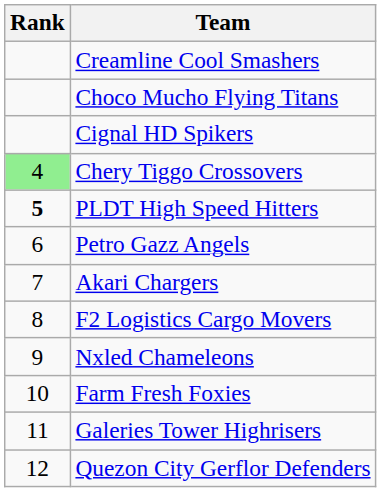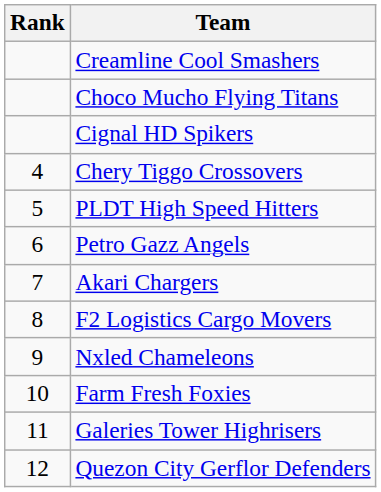 <table class="wikitable" style="text-align: center">
 <tr>
 <th>Rank</th>
 <th>Team</th>
 </tr>
 <tr>
 <td></td>
 <td align="left"><a href='#'>Creamline Cool Smashers</a></td>
 </tr>
 <tr>
 <td></td>
 <td align="left"><a href='#'>Choco Mucho Flying Titans</a></td>
 </tr>
 <tr>
 <td></td>
 <td align="left"><a href='#'>Cignal HD Spikers</a></td>
 </tr>
 <tr>
-<td style="background: lightgreen;">4</td>
+<td>4</td>
 <td align="left"><a href='#'>Chery Tiggo Crossovers</a></td>
 </tr>
 <tr>
-<td><strong>5</strong></td>
+<td>5</td>
 <td align="left"><a href='#'>PLDT High Speed Hitters</a></td>
 </tr>
 <tr>
 <td>6</td>
 <td align="left"><a href='#'>Petro Gazz Angels</a></td>
 </tr>
 <tr>
 <td>7</td>
 <td align="left"><a href='#'>Akari Chargers</a></td>
 </tr>
 <tr>
 <td>8</td>
 <td align="left"><a href='#'>F2 Logistics Cargo Movers</a></td>
 </tr>
 <tr>
 <td>9</td>
 <td align="left"><a href='#'>Nxled Chameleons</a></td>
 </tr>
 <tr>
 <td>10</td>
 <td align="left"><a href='#'>Farm Fresh Foxies</a></td>
 </tr>
 <tr>
 <td>11</td>
 <td align="left"><a href='#'>Galeries Tower Highrisers</a></td>
 </tr>
 <tr>
 <td>12</td>
 <td align="left"><a href='#'>Quezon City Gerflor Defenders</a></td>
 </tr>
 </table>
